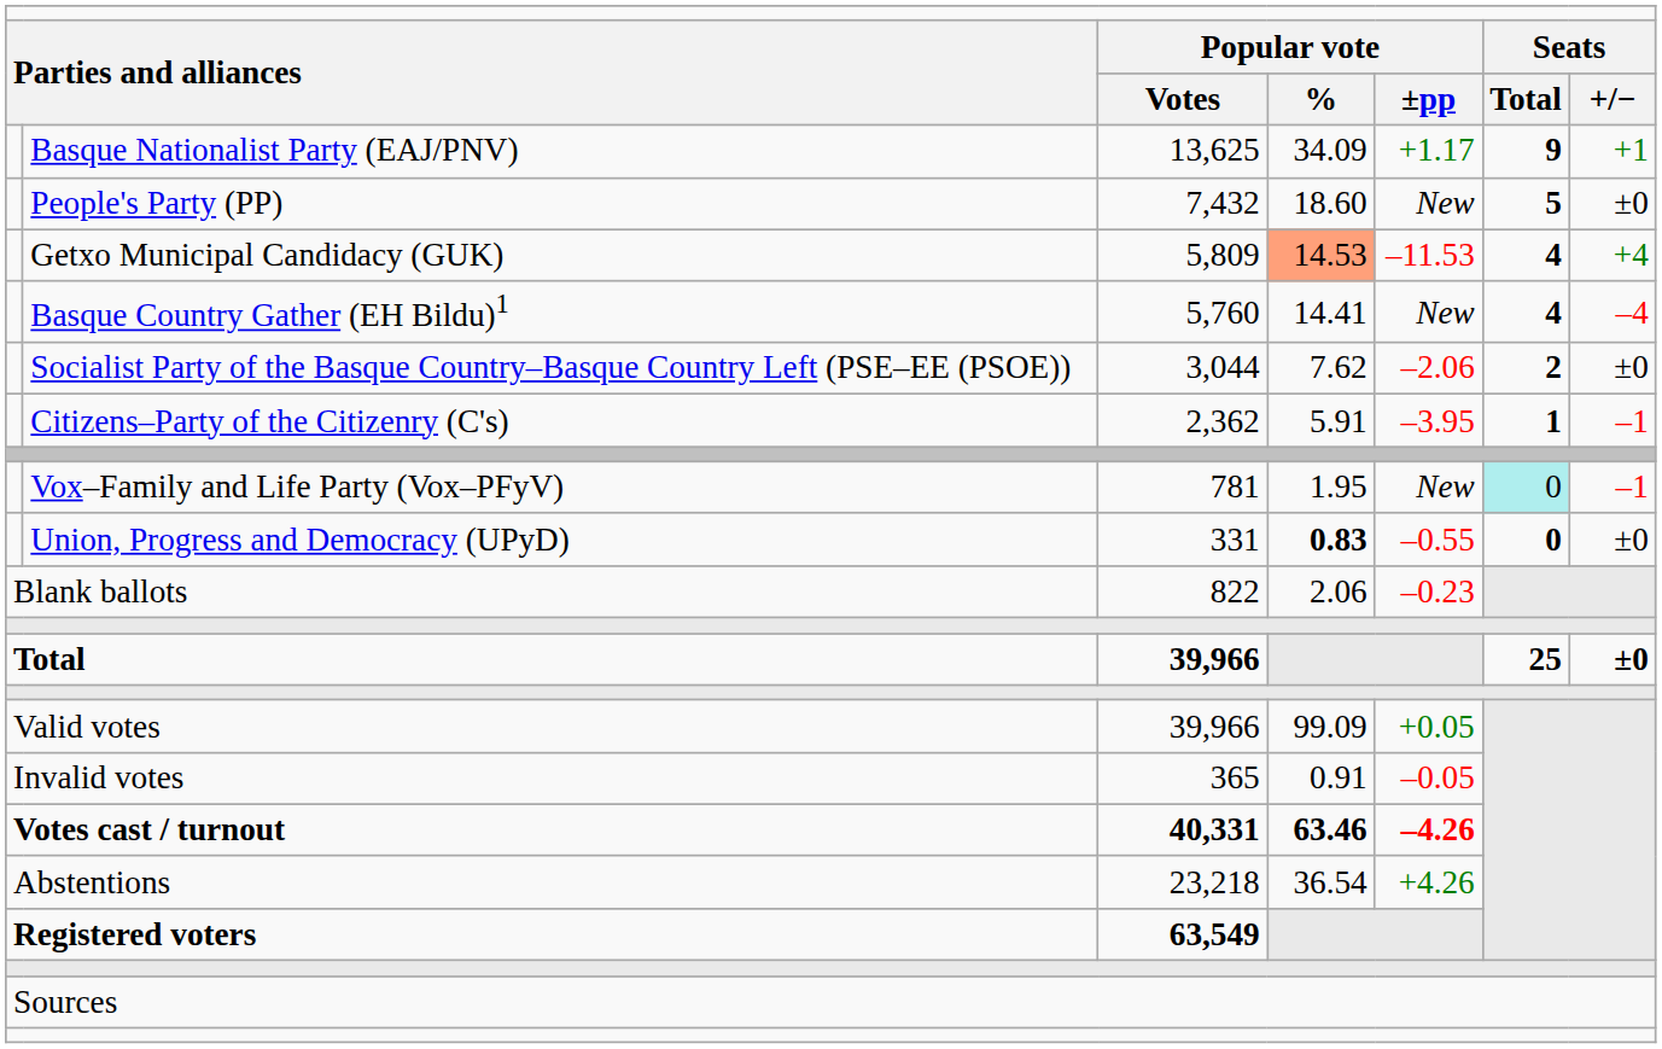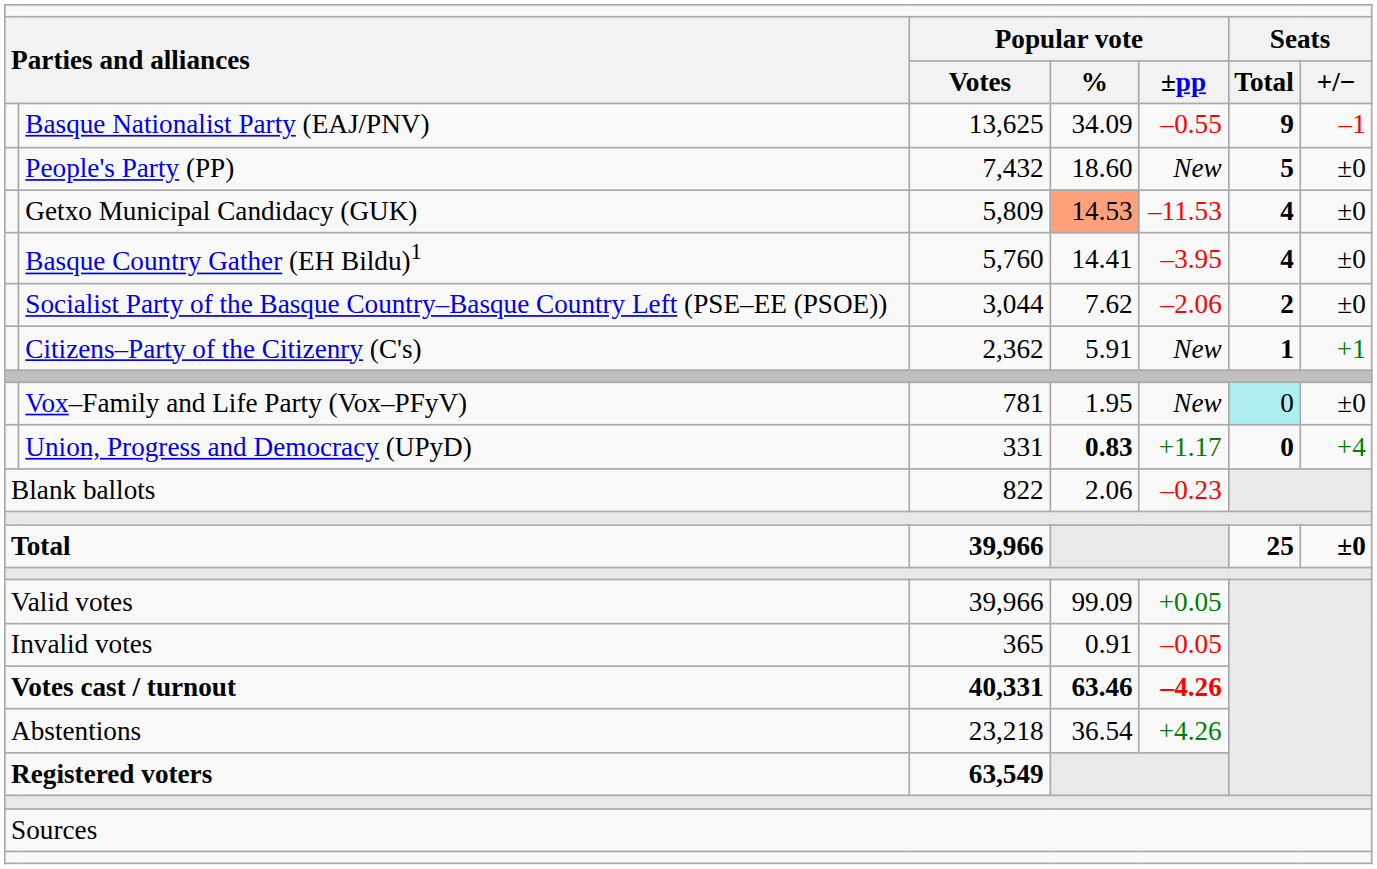 <table class="wikitable" style="text-align:right;">
 <tr>
 <td colspan="7"></td>
 </tr>
 <tr>
 <th style="text-align:left;" rowspan="2" colspan="2" width="525">Parties and alliances</th>
 <th colspan="3">Popular vote</th>
 <th colspan="2">Seats</th>
 </tr>
 <tr>
 <th width="75">Votes</th>
 <th width="45">%</th>
 <th width="45">±<a href='#'>pp</a></th>
 <th width="35">Total</th>
 <th width="35">+/−</th>
 </tr>
 <tr>
 <td width="1" style="color:inherit;background:"></td>
 <td align="left"><a href='#'>Basque Nationalist Party</a> (EAJ/PNV)</td>
 <td>13,625</td>
 <td>34.09</td>
-<td style="color:green;">+1.17</td>
+<td style="color:red;">–0.55</td>
 <td><strong>9</strong></td>
-<td style="color:green;">+1</td>
+<td style="color:red;">–1</td>
 </tr>
 <tr>
 <td style="color:inherit;background:"></td>
 <td align="left"><a href='#'>People's Party</a> (PP)</td>
 <td>7,432</td>
 <td>18.60</td>
 <td><em>New</em></td>
 <td><strong>5</strong></td>
 <td>±0</td>
 </tr>
 <tr>
 <td style="color:inherit;background:"></td>
 <td align="left">Getxo Municipal Candidacy (GUK)</td>
 <td>5,809</td>
 <td style="background: lightsalmon;">14.53</td>
 <td style="color:red;">–11.53</td>
 <td><strong>4</strong></td>
-<td style="color:green;">+4</td>
+<td>±0</td>
 </tr>
 <tr>
 <td style="color:inherit;background:"></td>
 <td align="left"><a href='#'>Basque Country Gather</a> (EH Bildu)<sup>1</sup></td>
 <td>5,760</td>
 <td>14.41</td>
-<td><em>New</em></td>
+<td style="color:red;">–3.95</td>
 <td><strong>4</strong></td>
-<td style="color:red;">–4</td>
+<td>±0</td>
 </tr>
 <tr>
 <td style="color:inherit;background:"></td>
 <td align="left"><a href='#'>Socialist Party of the Basque Country–Basque Country Left</a> (PSE–EE (PSOE))</td>
 <td>3,044</td>
 <td>7.62</td>
 <td style="color:red;">–2.06</td>
 <td><strong>2</strong></td>
 <td>±0</td>
 </tr>
 <tr>
 <td style="color:inherit;background:"></td>
 <td align="left"><a href='#'>Citizens–Party of the Citizenry</a> (C's)</td>
 <td>2,362</td>
 <td>5.91</td>
-<td style="color:red;">–3.95</td>
+<td><em>New</em></td>
 <td><strong>1</strong></td>
-<td style="color:red;">–1</td>
+<td style="color:green;">+1</td>
 </tr>
 <tr>
 <td colspan="7" bgcolor="#C0C0C0"></td>
 </tr>
 <tr>
 <td style="color:inherit;background:"></td>
 <td align="left"><a href='#'>Vox</a>–Family and Life Party (Vox–PFyV)</td>
 <td>781</td>
 <td>1.95</td>
 <td><em>New</em></td>
 <td style="background: paleturquoise;">0</td>
-<td style="color:red;">–1</td>
+<td>±0</td>
 </tr>
 <tr>
 <td style="color:inherit;background:"></td>
 <td align="left"><a href='#'>Union, Progress and Democracy</a> (UPyD)</td>
 <td>331</td>
 <td><strong>0.83</strong></td>
-<td style="color:red;">–0.55</td>
+<td style="color:green;">+1.17</td>
 <td><strong>0</strong></td>
-<td>±0</td>
+<td style="color:green;">+4</td>
 </tr>
 <tr>
 <td align="left" colspan="2">Blank ballots</td>
 <td>822</td>
 <td>2.06</td>
 <td style="color:red;">–0.23</td>
 <td bgcolor="#E9E9E9" colspan="2"></td>
 </tr>
 <tr>
 <td colspan="7" bgcolor="#E9E9E9"></td>
 </tr>
 <tr style="font-weight:bold;">
 <td align="left" colspan="2">Total</td>
 <td>39,966</td>
 <td bgcolor="#E9E9E9" colspan="2"></td>
 <td>25</td>
 <td>±0</td>
 </tr>
 <tr>
 <td colspan="7" bgcolor="#E9E9E9"></td>
 </tr>
 <tr>
 <td align="left" colspan="2">Valid votes</td>
 <td>39,966</td>
 <td>99.09</td>
 <td style="color:green;">+0.05</td>
 <td bgcolor="#E9E9E9" colspan="2" rowspan="5"></td>
 </tr>
 <tr>
 <td align="left" colspan="2">Invalid votes</td>
 <td>365</td>
 <td>0.91</td>
 <td style="color:red;">–0.05</td>
 </tr>
 <tr style="font-weight:bold;">
 <td align="left" colspan="2">Votes cast / turnout</td>
 <td>40,331</td>
 <td>63.46</td>
 <td style="color:red;">–4.26</td>
 </tr>
 <tr>
 <td align="left" colspan="2">Abstentions</td>
 <td>23,218</td>
 <td>36.54</td>
 <td style="color:green;">+4.26</td>
 </tr>
 <tr style="font-weight:bold;">
 <td align="left" colspan="2">Registered voters</td>
 <td>63,549</td>
 <td bgcolor="#E9E9E9" colspan="2"></td>
 </tr>
 <tr>
 <td colspan="7" bgcolor="#E9E9E9"></td>
 </tr>
 <tr>
 <td align="left" colspan="7">Sources</td>
 </tr>
 <tr>
 <td colspan="7" style="text-align:left; max-width:790px;"></td>
 </tr>
 </table>
